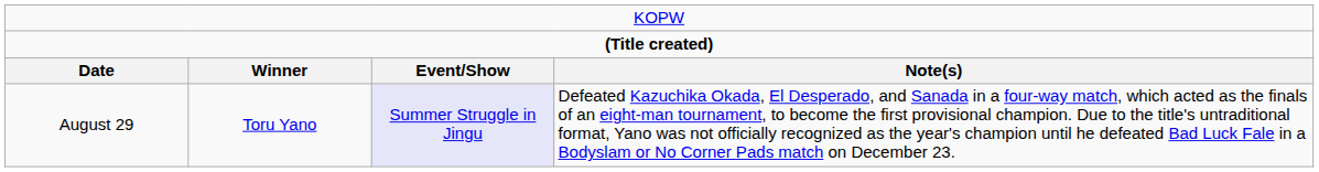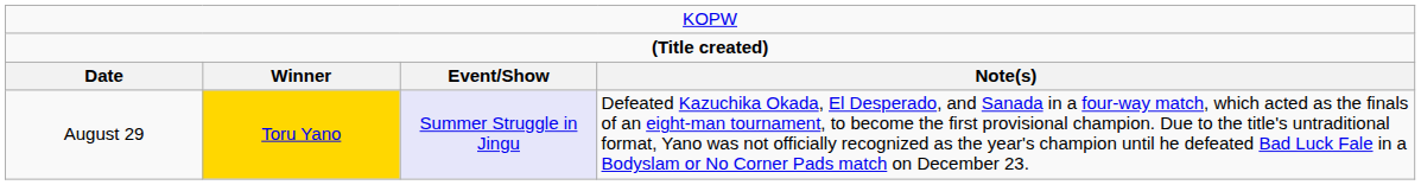 <table class="wikitable" style="text-align:center; width:100%;">
 <tr>
 <td colspan="4" style="text-align: center;"><a href='#'>KOPW</a></td>
 </tr>
 <tr>
 <td colspan="4" style="text-align: center;"><strong>(Title created)</strong></td>
 </tr>
 <tr>
 <th width=14%>Date</th>
 <th width=14%>Winner</th>
 <th width=14%>Event/Show</th>
 <th width=58%>Note(s)</th>
 </tr>
 <tr>
 <td>August 29</td>
-<td><a href='#'>Toru Yano</a></td>
+<td style="background: gold;"><a href='#'>Toru Yano</a></td>
 <td style="background: lavender;"><a href='#'>Summer Struggle in Jingu</a></td>
 <td style="text-align: left;">Defeated <a href='#'>Kazuchika Okada</a>, <a href='#'>El Desperado</a>, and <a href='#'>Sanada</a> in a <a href='#'>four-way match</a>, which acted as the finals of an <a href='#'>eight-man tournament</a>, to become the first provisional champion. Due to the title's untraditional format, Yano was not officially recognized as the year's champion until he defeated <a href='#'>Bad Luck Fale</a> in a <a href='#'>Bodyslam or No Corner Pads match</a> on December 23.</td>
 </tr>
 </table>
